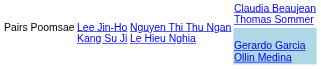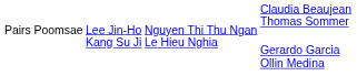 <table>
 <tr>
 <td rowspan=2>Pairs Poomsae<br></td>
 <td rowspan=2><br><a href='#'>Lee Jin-Ho</a><br><a href='#'>Kang Su Ji</a></td>
 <td rowspan=2><br><a href='#'>Nguyen Thi Thu Ngan</a><br><a href='#'>Le Hieu Nghia</a></td>
 <td><br><a href='#'>Claudia Beaujean</a><br><a href='#'>Thomas Sommer</a></td>
 </tr>
 <tr>
-<td style="background: lightblue;"><br><a href='#'>Gerardo Garcia</a><br><a href='#'>Ollin Medina</a></td>
+<td><br><a href='#'>Gerardo Garcia</a><br><a href='#'>Ollin Medina</a></td>
 </tr>
 </table>
